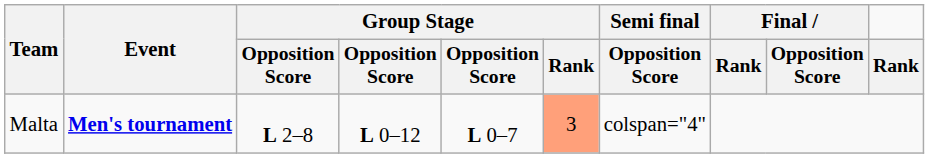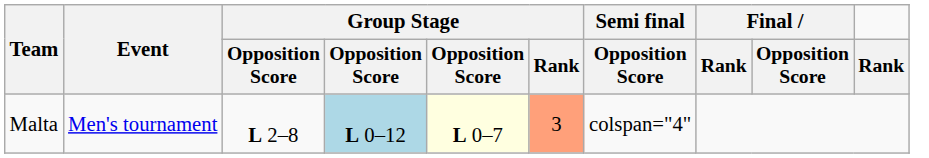 <table class="wikitable" style="font-size:90%">
 <tr>
 <th rowspan="2">Team</th>
 <th rowspan="2">Event</th>
 <th colspan="4">Group Stage</th>
 <th>Semi final</th>
 <th colspan=2>Final / </th>
 </tr>
 <tr style="font-size:95%">
 <th>Opposition<br>Score</th>
 <th>Opposition<br>Score</th>
 <th>Opposition<br>Score</th>
 <th>Rank</th>
 <th>Opposition<br>Score</th>
 <th>Rank</th>
 <th>Opposition<br>Score</th>
 <th>Rank</th>
 </tr>
 <tr align=center>
 <td align=left>Malta</td>
-<td align=left><strong><a href='#'>Men's tournament</a></strong></td>
+<td align=left><a href='#'>Men's tournament</a></td>
 <td> <br> <strong>L</strong> 2–8</td>
-<td> <br> <strong>L</strong> 0–12</td>
-<td> <br> <strong>L</strong> 0–7</td>
+<td style="background: lightblue;"> <br> <strong>L</strong> 0–12</td>
+<td style="background: lightyellow;"> <br> <strong>L</strong> 0–7</td>
 <td style="background: lightsalmon;">3</td>
 <td>colspan="4" </td>
 </tr>
 </table>
